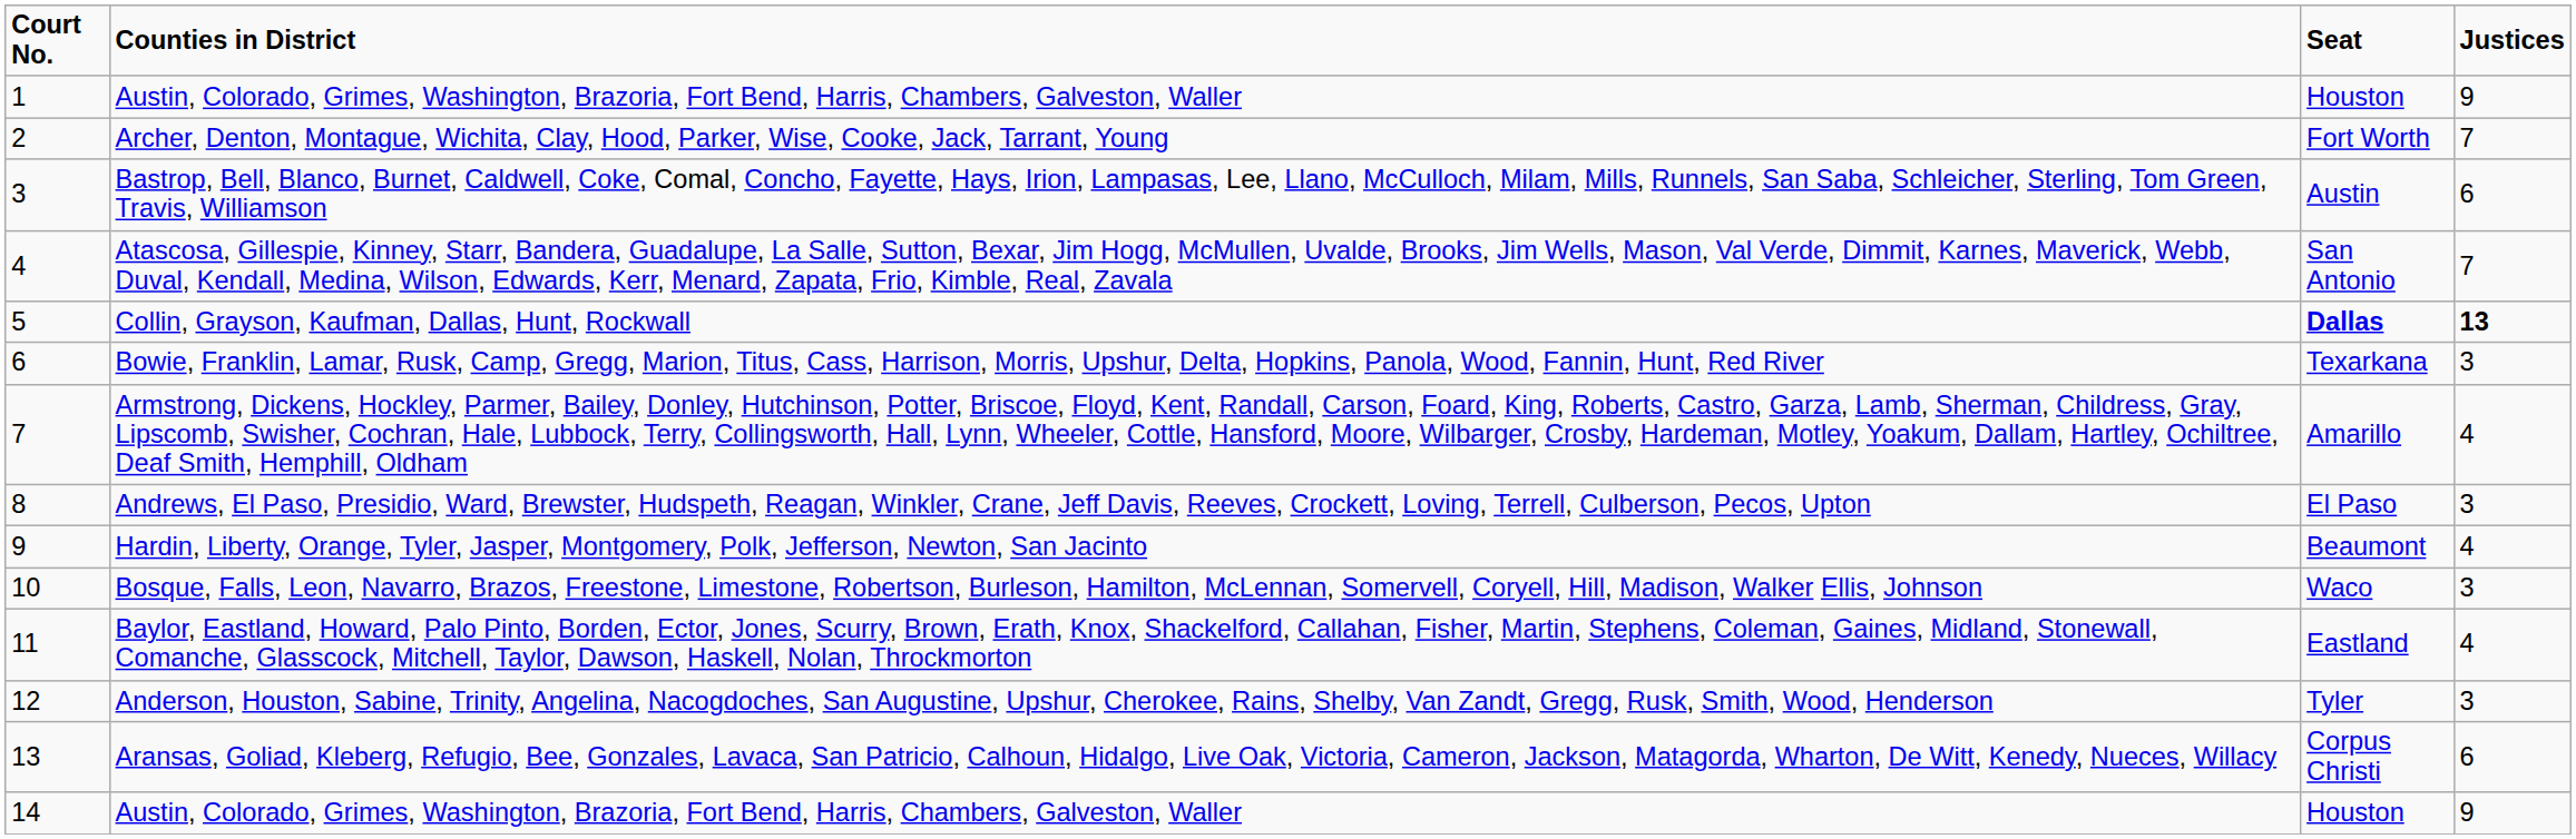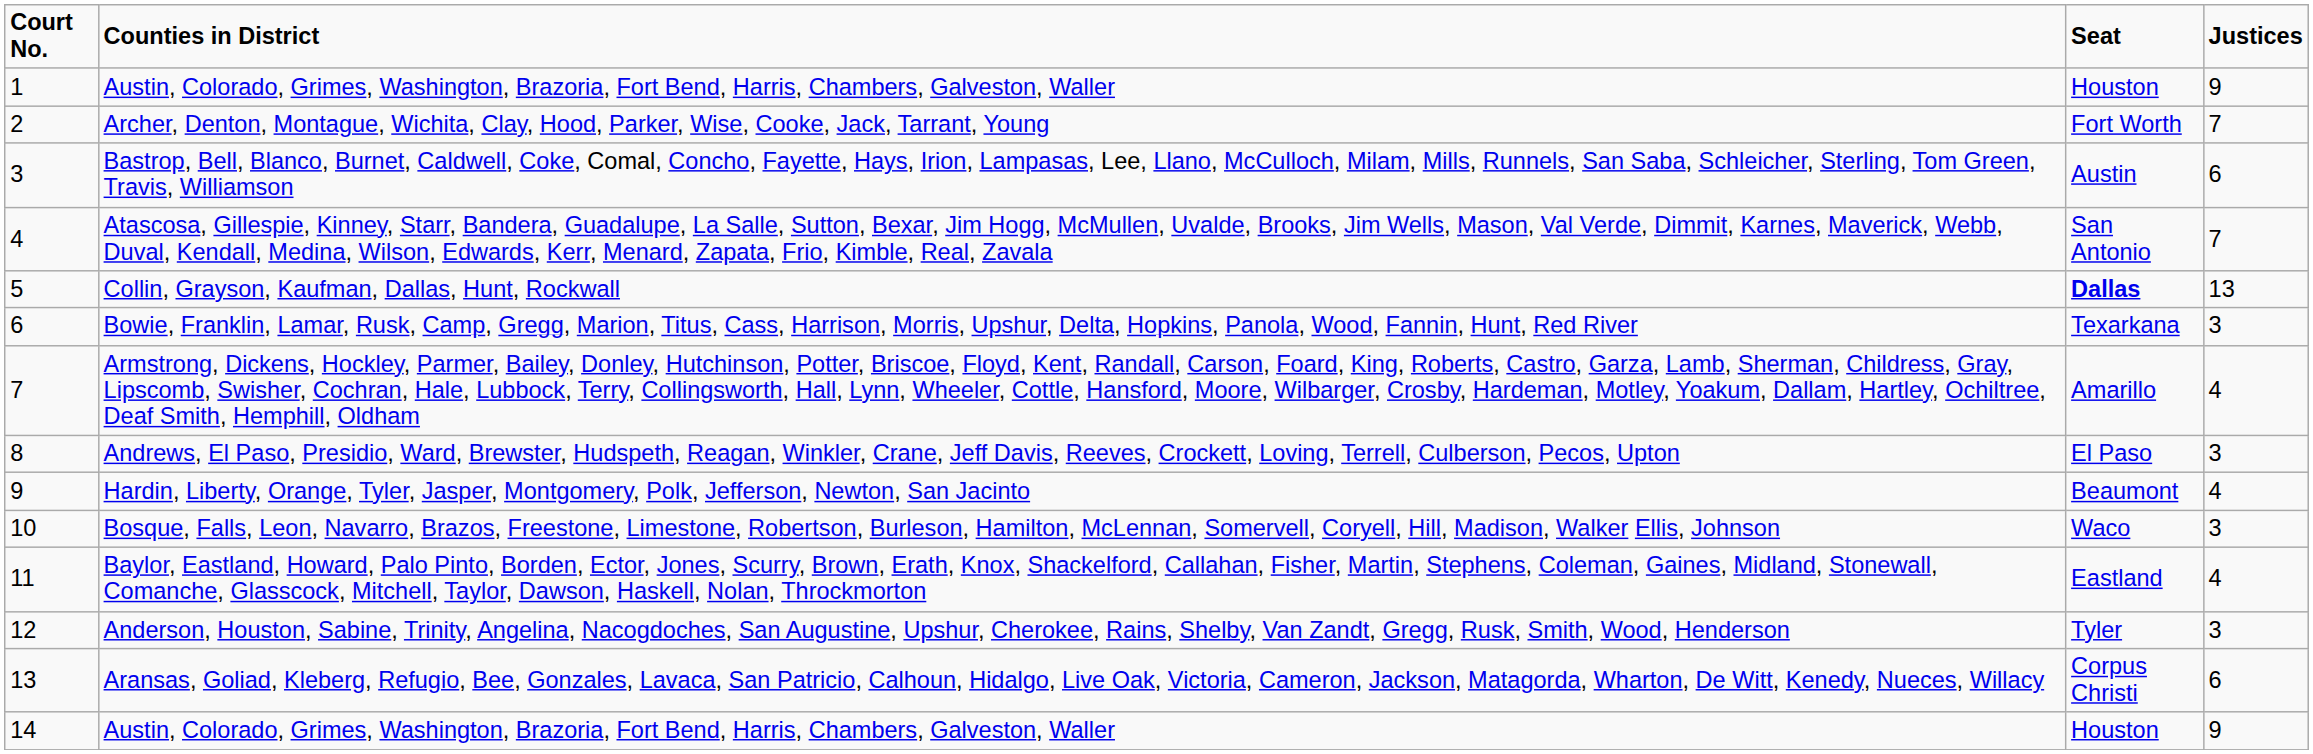 <table class="wikitable sortable collapsible">
 <tr>
 <td><strong>Court No.</strong></td>
 <td><strong>Counties in District</strong></td>
 <td><strong>Seat</strong></td>
 <td><strong>Justices</strong></td>
 </tr>
 <tr>
 <td>1</td>
 <td><a href='#'>Austin</a>, <a href='#'>Colorado</a>, <a href='#'>Grimes</a>, <a href='#'>Washington</a>, <a href='#'>Brazoria</a>, <a href='#'>Fort Bend</a>, <a href='#'>Harris</a>, <a href='#'>Chambers</a>, <a href='#'>Galveston</a>, <a href='#'>Waller</a></td>
 <td><a href='#'>Houston</a></td>
 <td>9</td>
 </tr>
 <tr>
 <td>2</td>
 <td><a href='#'>Archer</a>, <a href='#'>Denton</a>, <a href='#'>Montague</a>, <a href='#'>Wichita</a>, <a href='#'>Clay</a>, <a href='#'>Hood</a>, <a href='#'>Parker</a>, <a href='#'>Wise</a>, <a href='#'>Cooke</a>, <a href='#'>Jack</a>, <a href='#'>Tarrant</a>, <a href='#'>Young</a></td>
 <td><a href='#'>Fort Worth</a></td>
 <td>7</td>
 </tr>
 <tr>
 <td>3</td>
 <td><a href='#'>Bastrop</a>, <a href='#'>Bell</a>, <a href='#'>Blanco</a>, <a href='#'>Burnet</a>, <a href='#'>Caldwell</a>, <a href='#'>Coke</a>, Comal, <a href='#'>Concho</a>, <a href='#'>Fayette</a>, <a href='#'>Hays</a>, <a href='#'>Irion</a>, <a href='#'>Lampasas</a>, Lee, <a href='#'>Llano</a>, <a href='#'>McCulloch</a>, <a href='#'>Milam</a>, <a href='#'>Mills</a>, <a href='#'>Runnels</a>, <a href='#'>San Saba</a>, <a href='#'>Schleicher</a>, <a href='#'>Sterling</a>, <a href='#'>Tom Green</a>, <a href='#'>Travis</a>, <a href='#'>Williamson</a></td>
 <td><a href='#'>Austin</a></td>
 <td>6</td>
 </tr>
 <tr>
 <td>4</td>
 <td><a href='#'>Atascosa</a>, <a href='#'>Gillespie</a>, <a href='#'>Kinney</a>, <a href='#'>Starr</a>, <a href='#'>Bandera</a>, <a href='#'>Guadalupe</a>, <a href='#'>La Salle</a>, <a href='#'>Sutton</a>, <a href='#'>Bexar</a>, <a href='#'>Jim Hogg</a>, <a href='#'>McMullen</a>, <a href='#'>Uvalde</a>, <a href='#'>Brooks</a>, <a href='#'>Jim Wells</a>, <a href='#'>Mason</a>, <a href='#'>Val Verde</a>, <a href='#'>Dimmit</a>, <a href='#'>Karnes</a>, <a href='#'>Maverick</a>, <a href='#'>Webb</a>, <a href='#'>Duval</a>, <a href='#'>Kendall</a>, <a href='#'>Medina</a>, <a href='#'>Wilson</a>, <a href='#'>Edwards</a>, <a href='#'>Kerr</a>, <a href='#'>Menard</a>, <a href='#'>Zapata</a>, <a href='#'>Frio</a>, <a href='#'>Kimble</a>, <a href='#'>Real</a>, <a href='#'>Zavala</a></td>
 <td><a href='#'>San Antonio</a></td>
 <td>7</td>
 </tr>
 <tr>
 <td>5</td>
 <td><a href='#'>Collin</a>,  <a href='#'>Grayson</a>,  <a href='#'>Kaufman</a>, <a href='#'>Dallas</a>,  <a href='#'>Hunt</a>, <a href='#'>Rockwall</a></td>
 <td><strong><a href='#'>Dallas</a></strong></td>
-<td><strong>13</strong></td>
+<td>13</td>
 </tr>
 <tr>
 <td>6</td>
 <td><a href='#'>Bowie</a>,  <a href='#'>Franklin</a>,  <a href='#'>Lamar</a>,  <a href='#'>Rusk</a>, <a href='#'>Camp</a>,  <a href='#'>Gregg</a>,  <a href='#'>Marion</a>,  <a href='#'>Titus</a>, <a href='#'>Cass</a>,  <a href='#'>Harrison</a>,  <a href='#'>Morris</a>,  <a href='#'>Upshur</a>, <a href='#'>Delta</a>,  <a href='#'>Hopkins</a>,  <a href='#'>Panola</a>,  <a href='#'>Wood</a>, <a href='#'>Fannin</a>,  <a href='#'>Hunt</a>,  <a href='#'>Red River</a></td>
 <td><a href='#'>Texarkana</a></td>
 <td>3</td>
 </tr>
 <tr>
 <td>7</td>
 <td><a href='#'>Armstrong</a>, <a href='#'>Dickens</a>, <a href='#'>Hockley</a>, <a href='#'>Parmer</a>, <a href='#'>Bailey</a>, <a href='#'>Donley</a>, <a href='#'>Hutchinson</a>, <a href='#'>Potter</a>, <a href='#'>Briscoe</a>, <a href='#'>Floyd</a>, <a href='#'>Kent</a>, <a href='#'>Randall</a>, <a href='#'>Carson</a>, <a href='#'>Foard</a>, <a href='#'>King</a>, <a href='#'>Roberts</a>, <a href='#'>Castro</a>, <a href='#'>Garza</a>, <a href='#'>Lamb</a>, <a href='#'>Sherman</a>, <a href='#'>Childress</a>, <a href='#'>Gray</a>, <a href='#'>Lipscomb</a>, <a href='#'>Swisher</a>, <a href='#'>Cochran</a>, <a href='#'>Hale</a>, <a href='#'>Lubbock</a>, <a href='#'>Terry</a>, <a href='#'>Collingsworth</a>, <a href='#'>Hall</a>, <a href='#'>Lynn</a>, <a href='#'>Wheeler</a>, <a href='#'>Cottle</a>, <a href='#'>Hansford</a>, <a href='#'>Moore</a>, <a href='#'>Wilbarger</a>, <a href='#'>Crosby</a>, <a href='#'>Hardeman</a>, <a href='#'>Motley</a>, <a href='#'>Yoakum</a>, <a href='#'>Dallam</a>, <a href='#'>Hartley</a>, <a href='#'>Ochiltree</a>, <a href='#'>Deaf Smith</a>, <a href='#'>Hemphill</a>, <a href='#'>Oldham</a></td>
 <td><a href='#'>Amarillo</a></td>
 <td>4</td>
 </tr>
 <tr>
 <td>8</td>
 <td><a href='#'>Andrews</a>, <a href='#'>El Paso</a>,  <a href='#'>Presidio</a>,  <a href='#'>Ward</a>, <a href='#'>Brewster</a>,  <a href='#'>Hudspeth</a>,  <a href='#'>Reagan</a>,  <a href='#'>Winkler</a>, <a href='#'>Crane</a>, <a href='#'>Jeff Davis</a>,  <a href='#'>Reeves</a>, <a href='#'>Crockett</a>,  <a href='#'>Loving</a>,  <a href='#'>Terrell</a>, <a href='#'>Culberson</a>,  <a href='#'>Pecos</a>,  <a href='#'>Upton</a></td>
 <td><a href='#'>El Paso</a></td>
 <td>3</td>
 </tr>
 <tr>
 <td>9</td>
 <td><a href='#'>Hardin</a>,  <a href='#'>Liberty</a>,  <a href='#'>Orange</a>,  <a href='#'>Tyler</a>, <a href='#'>Jasper</a>,  <a href='#'>Montgomery</a>,  <a href='#'>Polk</a>, <a href='#'>Jefferson</a>,  <a href='#'>Newton</a>,  <a href='#'>San Jacinto</a></td>
 <td><a href='#'>Beaumont</a></td>
 <td>4</td>
 </tr>
 <tr>
 <td>10</td>
 <td><a href='#'>Bosque</a>,  <a href='#'>Falls</a>,  <a href='#'>Leon</a>,  <a href='#'>Navarro</a>, <a href='#'>Brazos</a>,  <a href='#'>Freestone</a>,  <a href='#'>Limestone</a>,  <a href='#'>Robertson</a>, <a href='#'>Burleson</a>,  <a href='#'>Hamilton</a>,  <a href='#'>McLennan</a>,  <a href='#'>Somervell</a>, <a href='#'>Coryell</a>,  <a href='#'>Hill</a>,  <a href='#'>Madison</a>,  <a href='#'>Walker</a> <a href='#'>Ellis</a>,  <a href='#'>Johnson</a></td>
 <td><a href='#'>Waco</a></td>
 <td>3</td>
 </tr>
 <tr>
 <td>11</td>
 <td><a href='#'>Baylor</a>, <a href='#'>Eastland</a>, <a href='#'>Howard</a>, <a href='#'>Palo Pinto</a>, <a href='#'>Borden</a>, <a href='#'>Ector</a>, <a href='#'>Jones</a>, <a href='#'>Scurry</a>, <a href='#'>Brown</a>, <a href='#'>Erath</a>, <a href='#'>Knox</a>, <a href='#'>Shackelford</a>, <a href='#'>Callahan</a>, <a href='#'>Fisher</a>, <a href='#'>Martin</a>, <a href='#'>Stephens</a>, <a href='#'>Coleman</a>, <a href='#'>Gaines</a>, <a href='#'>Midland</a>, <a href='#'>Stonewall</a>, <a href='#'>Comanche</a>, <a href='#'>Glasscock</a>, <a href='#'>Mitchell</a>, <a href='#'>Taylor</a>, <a href='#'>Dawson</a>, <a href='#'>Haskell</a>, <a href='#'>Nolan</a>, <a href='#'>Throckmorton</a></td>
 <td><a href='#'>Eastland</a></td>
 <td>4</td>
 </tr>
 <tr>
 <td>12</td>
 <td><a href='#'>Anderson</a>, <a href='#'>Houston</a>, <a href='#'>Sabine</a>, <a href='#'>Trinity</a>, <a href='#'>Angelina</a>, <a href='#'>Nacogdoches</a>, <a href='#'>San Augustine</a>, <a href='#'>Upshur</a>, <a href='#'>Cherokee</a>, <a href='#'>Rains</a>, <a href='#'>Shelby</a>, <a href='#'>Van Zandt</a>, <a href='#'>Gregg</a>, <a href='#'>Rusk</a>, <a href='#'>Smith</a>, <a href='#'>Wood</a>, <a href='#'>Henderson</a></td>
 <td><a href='#'>Tyler</a></td>
 <td>3</td>
 </tr>
 <tr>
 <td>13</td>
 <td><a href='#'>Aransas</a>, <a href='#'>Goliad</a>, <a href='#'>Kleberg</a>, <a href='#'>Refugio</a>, <a href='#'>Bee</a>, <a href='#'>Gonzales</a>, <a href='#'>Lavaca</a>, <a href='#'>San Patricio</a>, <a href='#'>Calhoun</a>, <a href='#'>Hidalgo</a>, <a href='#'>Live Oak</a>, <a href='#'>Victoria</a>, <a href='#'>Cameron</a>, <a href='#'>Jackson</a>, <a href='#'>Matagorda</a>, <a href='#'>Wharton</a>, <a href='#'>De Witt</a>, <a href='#'>Kenedy</a>, <a href='#'>Nueces</a>, <a href='#'>Willacy</a></td>
 <td><a href='#'>Corpus Christi</a></td>
 <td>6</td>
 </tr>
 <tr>
 <td>14</td>
 <td><a href='#'>Austin</a>, <a href='#'>Colorado</a>, <a href='#'>Grimes</a>, <a href='#'>Washington</a>, <a href='#'>Brazoria</a>, <a href='#'>Fort Bend</a>, <a href='#'>Harris</a>, <a href='#'>Chambers</a>, <a href='#'>Galveston</a>, <a href='#'>Waller</a></td>
 <td><a href='#'>Houston</a></td>
 <td>9</td>
 </tr>
 <tr>
 </tr>
 </table>
